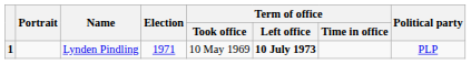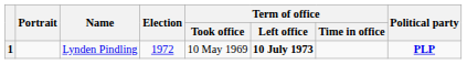 <table class=wikitable style=text-align:center>
 <tr>
 <th rowspan=2></th>
 <th rowspan=2>Portrait</th>
 <th rowspan=2>Name<br></th>
 <th rowspan=2>Election</th>
 <th colspan=3>Term of office</th>
 <th rowspan=2>Political party</th>
 </tr>
 <tr>
 <th>Took office</th>
 <th>Left office</th>
 <th>Time in office</th>
 </tr>
 <tr>
 <th style="background:">1</th>
 <td></td>
 <td><a href='#'>Lynden Pindling</a><br></td>
-<td><a href='#'>1971</a></td>
+<td><a href='#'>1972</a></td>
 <td>10 May 1969</td>
 <td><strong>10 July 1973</strong></td>
 <td></td>
-<td><a href='#'>PLP</a></td>
+<td><strong><a href='#'>PLP</a></strong></td>
 </tr>
 </table>
